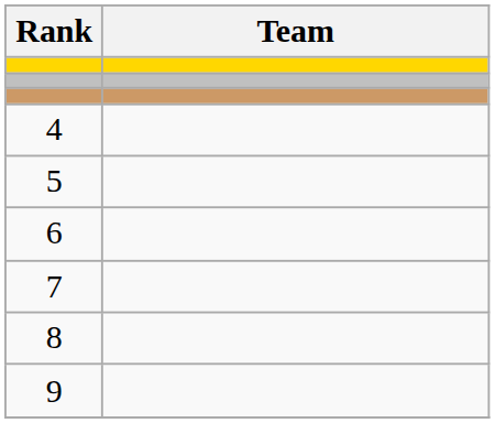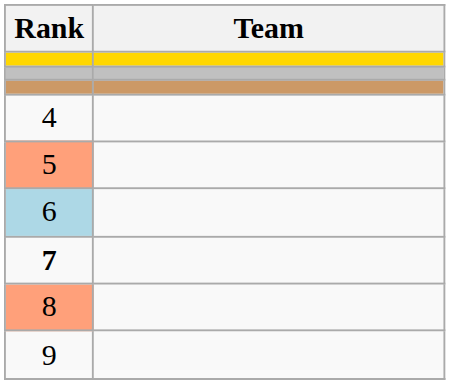 <table class="wikitable" style="text-align: center;">
 <tr>
 <th width=40>Rank</th>
 <th width=180>Team</th>
 </tr>
 <tr bgcolor=gold>
 <td></td>
 <td align=left></td>
 </tr>
 <tr bgcolor=silver>
 <td></td>
 <td align=left></td>
 </tr>
 <tr bgcolor=CC9966>
 <td></td>
 <td align=left></td>
 </tr>
 <tr>
 <td>4</td>
 <td align=left></td>
 </tr>
 <tr>
-<td>5</td>
+<td style="background: lightsalmon;">5</td>
 <td align=left></td>
 </tr>
 <tr>
-<td>6</td>
+<td style="background: lightblue;">6</td>
 <td align=left></td>
 </tr>
 <tr>
-<td>7</td>
+<td><strong>7</strong></td>
 <td align=left></td>
 </tr>
 <tr>
-<td>8</td>
+<td style="background: lightsalmon;">8</td>
 <td align=left></td>
 </tr>
 <tr>
 <td>9</td>
 <td align=left></td>
 </tr>
 <tr>
 </tr>
 </table>
